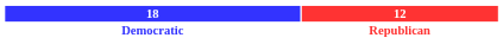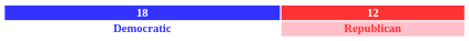 <table style="width:50%">
 <tr>
 <td scope="row" colspan="3" style="text-align:center"></td>
 </tr>
 <tr>
 <td scope="row" style="background:#33F; width:60%; text-align:center; color:white"><strong>18</strong></td>
 <td style="background:#F33; width:40%; text-align:center; color:white"><strong>12</strong></td>
 </tr>
 <tr>
 <td scope="row" style="text-align:center; color:#33F"><strong>Democratic</strong></td>
-<td style="text-align:center; color:#F33"><strong>Republican</strong></td>
+<td style="background: pink; text-align:center; color:#F33"><strong>Republican</strong></td>
 </tr>
 </table>
